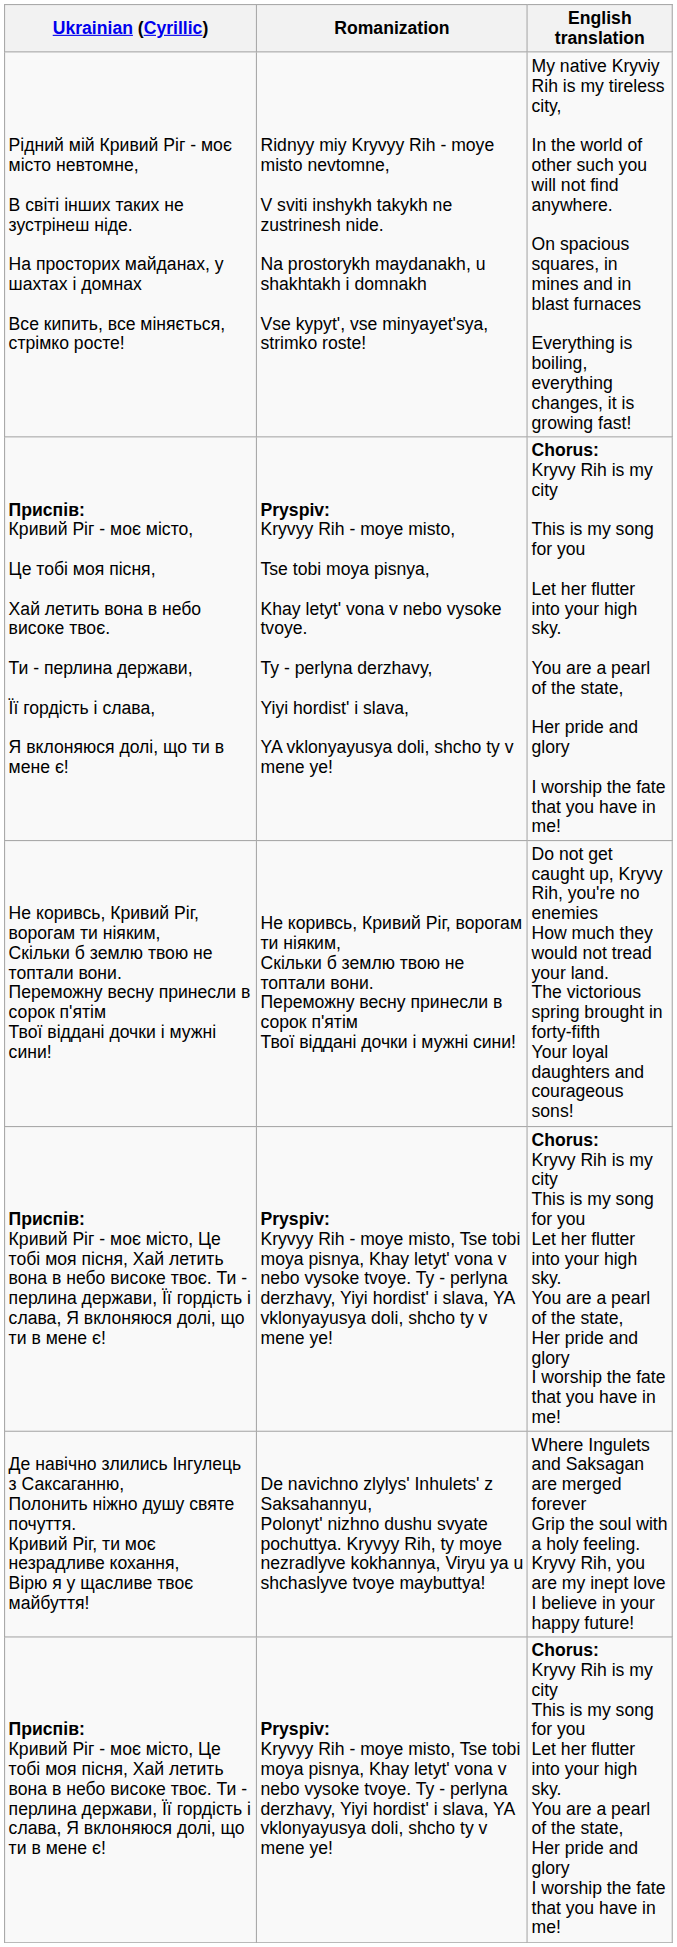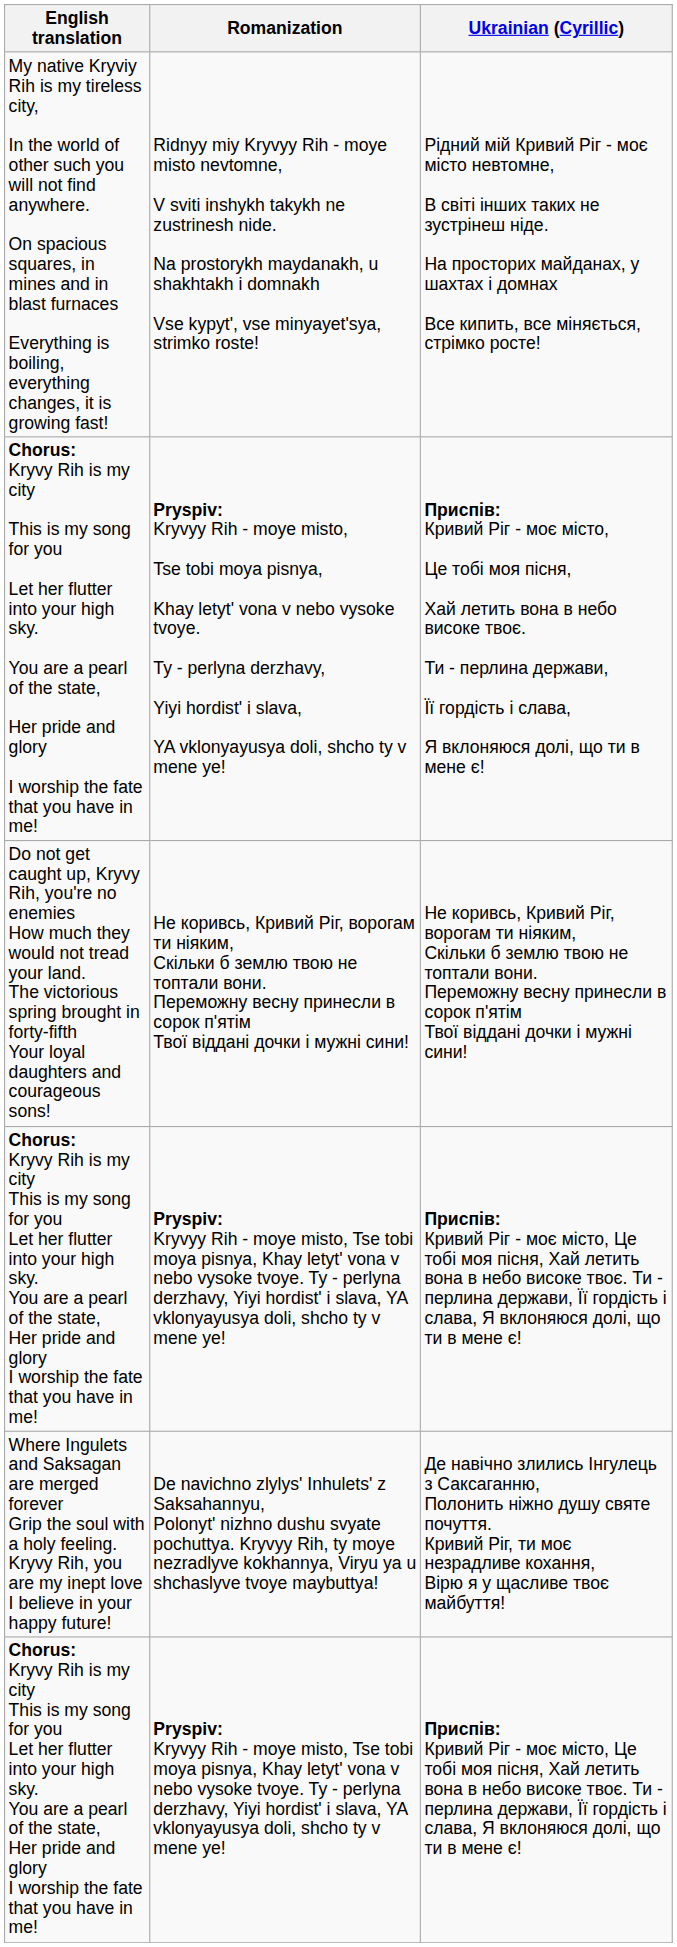 <table class="wikitable">
 <tr>
+<th>English translation</th>
+<th>Romanization</th>
 <th><a href='#'>Ukrainian</a> (<a href='#'>Cyrillic</a>)</th>
-<th>Romanization</th>
-<th>English translation</th>
 </tr>
 <tr>
+<td>My native Kryviy Rih is my tireless city,<br><br>In the world of other such you will not find anywhere.<br><br>On spacious squares, in mines and in blast furnaces<br><br>Everything is boiling, everything changes, it is growing fast!<br></td>
+<td>Ridnyy miy Kryvyy Rih - moye misto nevtomne, <br><br>V sviti inshykh takykh ne zustrinesh nide. <br><br>Na prostorykh maydanakh, u shakhtakh i domnakh <br><br>Vse kypytʹ, vse minyayetʹsya, strimko roste!<br></td>
 <td>Рідний мій Кривий Ріг - моє місто невтомне,<br><br>В світі інших таких не зустрінеш ніде. <br><br>На просторих майданах, у шахтах і домнах <br><br>Все кипить, все міняється, стрімко росте!<br></td>
-<td>Ridnyy miy Kryvyy Rih - moye misto nevtomne, <br><br>V sviti inshykh takykh ne zustrinesh nide. <br><br>Na prostorykh maydanakh, u shakhtakh i domnakh <br><br>Vse kypytʹ, vse minyayetʹsya, strimko roste!<br></td>
-<td>My native Kryviy Rih is my tireless city,<br><br>In the world of other such you will not find anywhere.<br><br>On spacious squares, in mines and in blast furnaces<br><br>Everything is boiling, everything changes, it is growing fast!<br></td>
 </tr>
 <tr>
+<td><strong>Chorus:</strong><br>Kryvy Rih is my city<br><br>This is my song for you<br><br>Let her flutter into your high sky.<br><br>You are a pearl of the state,<br><br>Her pride and glory<br><br>I worship the fate that you have in me!<br></td>
+<td><strong>Pryspiv:</strong><br>Kryvyy Rih - moye misto, <br><br>Tse tobi moya pisnya,<br><br>Khay letytʹ vona v nebo vysoke tvoye.<br><br>Ty - perlyna derzhavy, <br><br>Yiyi hordistʹ i slava, <br><br>YA vklonyayusya doli, shcho ty v mene ye!<br></td>
 <td><strong>Приспів:</strong><br>Кривий Ріг - моє місто, <br><br>Це тобі моя пісня, <br><br>Хай летить вона в небо високе твоє. <br><br>Ти - перлина держави, <br><br>Її гордість і слава, <br><br>Я вклоняюся долі, що ти в мене є!<br></td>
-<td><strong>Pryspiv:</strong><br>Kryvyy Rih - moye misto, <br><br>Tse tobi moya pisnya,<br><br>Khay letytʹ vona v nebo vysoke tvoye.<br><br>Ty - perlyna derzhavy, <br><br>Yiyi hordistʹ i slava, <br><br>YA vklonyayusya doli, shcho ty v mene ye!<br></td>
-<td><strong>Chorus:</strong><br>Kryvy Rih is my city<br><br>This is my song for you<br><br>Let her flutter into your high sky.<br><br>You are a pearl of the state,<br><br>Her pride and glory<br><br>I worship the fate that you have in me!<br></td>
 </tr>
 <tr>
+<td>Do not get caught up, Kryvy Rih, you're no enemies<br>How much they would not tread your land.<br>The victorious spring brought in forty-fifth<br>Your loyal daughters and courageous sons!</td>
 <td>Не коривсь, Кривий Ріг, ворогам ти ніяким,<br>Скільки б землю твою не топтали вони.<br>Переможну весну принесли в сорок п'ятім<br>Твої віддані дочки і мужні сини!</td>
 <td>Не коривсь, Кривий Ріг, ворогам ти ніяким,<br>Скільки б землю твою не топтали вони.<br>Переможну весну принесли в сорок п'ятім<br>Твої віддані дочки і мужні сини!</td>
-<td>Do not get caught up, Kryvy Rih, you're no enemies<br>How much they would not tread your land.<br>The victorious spring brought in forty-fifth<br>Your loyal daughters and courageous sons!</td>
 </tr>
 <tr>
+<td><strong>Chorus:</strong><br>Kryvy Rih is my city<br>This is my song for you<br>Let her flutter into your high sky.<br>You are a pearl of the state,<br>Her pride and glory<br>I worship the fate that you have in me!</td>
+<td><strong>Pryspiv:</strong><br>Kryvyy Rih - moye misto,  Tse tobi moya pisnya,  Khay letytʹ vona v nebo vysoke tvoye.  Ty - perlyna derzhavy,  Yiyi hordistʹ i slava,  YA vklonyayusya doli, shcho ty v mene ye!</td>
 <td><strong>Приспів:</strong><br>Кривий Ріг - моє місто,  Це тобі моя пісня,  Хай летить вона в небо високе твоє.  Ти - перлина держави,  Її гордість і слава,  Я вклоняюся долі, що ти в мене є!</td>
-<td><strong>Pryspiv:</strong><br>Kryvyy Rih - moye misto,  Tse tobi moya pisnya,  Khay letytʹ vona v nebo vysoke tvoye.  Ty - perlyna derzhavy,  Yiyi hordistʹ i slava,  YA vklonyayusya doli, shcho ty v mene ye!</td>
-<td><strong>Chorus:</strong><br>Kryvy Rih is my city<br>This is my song for you<br>Let her flutter into your high sky.<br>You are a pearl of the state,<br>Her pride and glory<br>I worship the fate that you have in me!</td>
 </tr>
 <tr>
+<td>Where Ingulets and Saksagan are merged forever<br>Grip the soul with a holy feeling.<br>Kryvy Rih, you are my inept love<br>I believe in your happy future!</td>
+<td>De navichno zlylysʹ Inhuletsʹ z Saksahannyu,<br>Polonytʹ nizhno dushu svyate pochuttya.  Kryvyy Rih, ty moye nezradlyve kokhannya,  Viryu ya u shchaslyve tvoye maybuttya!</td>
 <td>Де навічно злились Інгулець з Саксаганню,<br>Полонить ніжно душу святе почуття.<br>Кривий Ріг, ти моє незрадливе кохання,<br>Вірю я у щасливе твоє майбуття!</td>
-<td>De navichno zlylysʹ Inhuletsʹ z Saksahannyu,<br>Polonytʹ nizhno dushu svyate pochuttya.  Kryvyy Rih, ty moye nezradlyve kokhannya,  Viryu ya u shchaslyve tvoye maybuttya!</td>
-<td>Where Ingulets and Saksagan are merged forever<br>Grip the soul with a holy feeling.<br>Kryvy Rih, you are my inept love<br>I believe in your happy future!</td>
 </tr>
 <tr>
+<td><strong>Chorus:</strong><br>Kryvy Rih is my city<br>This is my song for you<br>Let her flutter into your high sky.<br>You are a pearl of the state,<br>Her pride and glory<br>I worship the fate that you have in me!</td>
+<td><strong>Pryspiv:</strong><br>Kryvyy Rih - moye misto,  Tse tobi moya pisnya,  Khay letytʹ vona v nebo vysoke tvoye.  Ty - perlyna derzhavy,  Yiyi hordistʹ i slava,  YA vklonyayusya doli, shcho ty v mene ye!</td>
 <td><strong>Приспів:</strong><br>Кривий Ріг - моє місто,  Це тобі моя пісня,  Хай летить вона в небо високе твоє.  Ти - перлина держави,  Її гордість і слава,  Я вклоняюся долі, що ти в мене є!</td>
-<td><strong>Pryspiv:</strong><br>Kryvyy Rih - moye misto,  Tse tobi moya pisnya,  Khay letytʹ vona v nebo vysoke tvoye.  Ty - perlyna derzhavy,  Yiyi hordistʹ i slava,  YA vklonyayusya doli, shcho ty v mene ye!</td>
-<td><strong>Chorus:</strong><br>Kryvy Rih is my city<br>This is my song for you<br>Let her flutter into your high sky.<br>You are a pearl of the state,<br>Her pride and glory<br>I worship the fate that you have in me!</td>
 </tr>
 </table>
